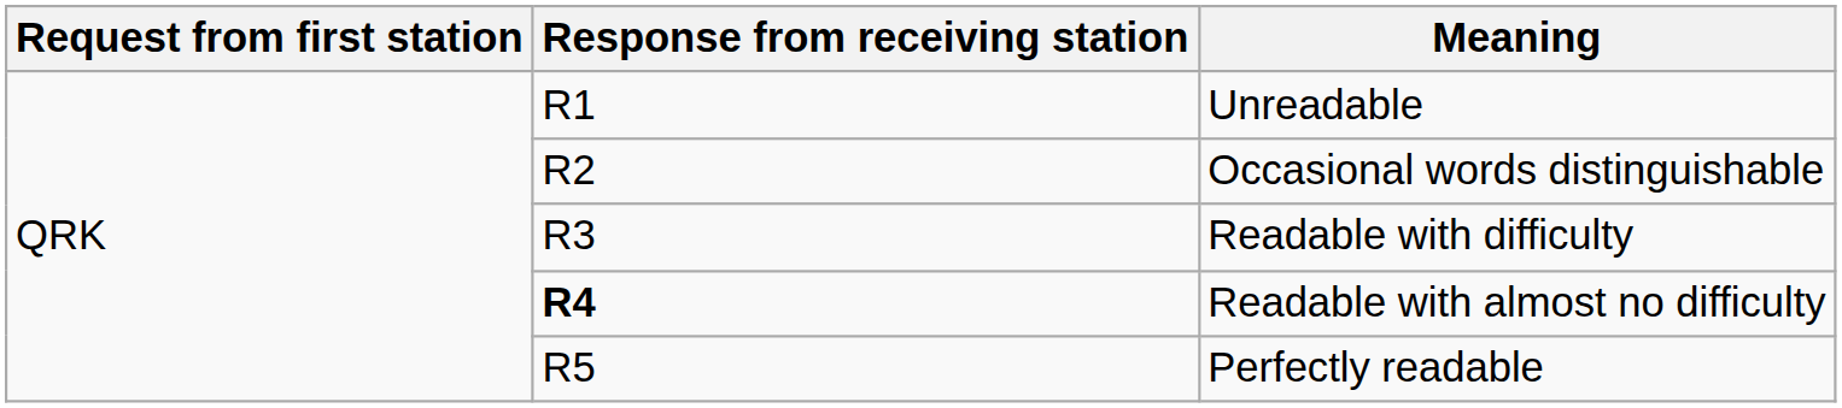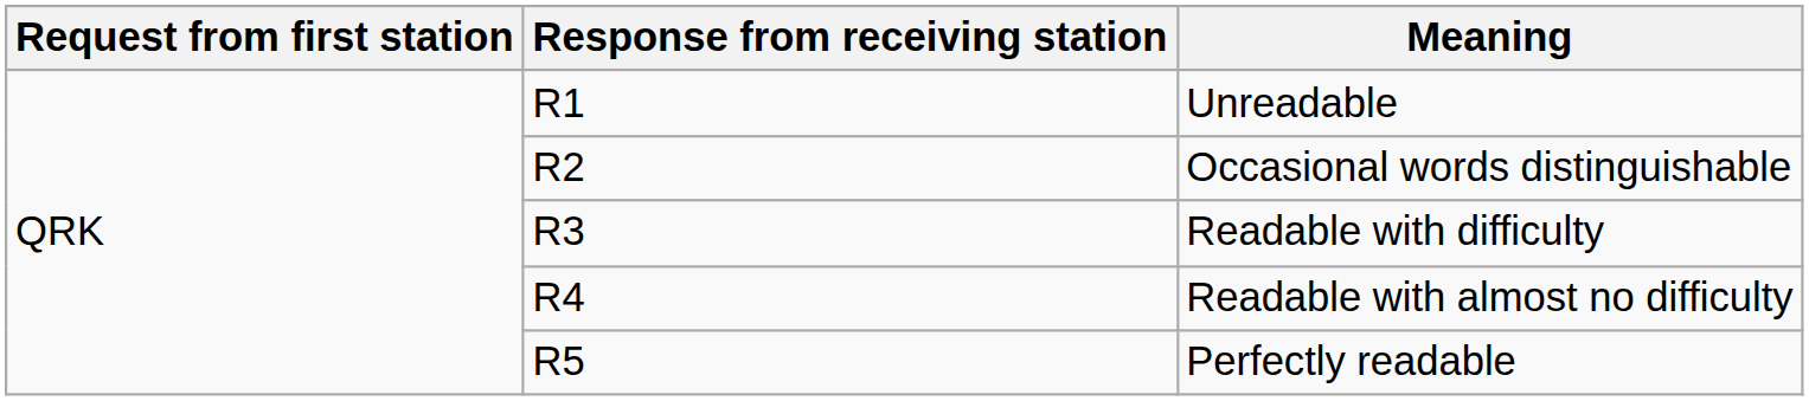 <table class="wikitable">
 <tr>
 <th>Request from first station</th>
 <th>Response from receiving station</th>
 <th>Meaning</th>
 </tr>
 <tr>
 <td rowspan="5">QRK</td>
 <td>R1</td>
 <td>Unreadable</td>
 </tr>
 <tr>
 <td>R2</td>
 <td>Occasional words distinguishable</td>
 </tr>
 <tr>
 <td>R3</td>
 <td>Readable with difficulty</td>
 </tr>
 <tr>
-<td><strong>R4</strong></td>
+<td>R4</td>
 <td>Readable with almost no difficulty</td>
 </tr>
 <tr>
 <td>R5</td>
 <td>Perfectly readable</td>
 </tr>
 </table>
